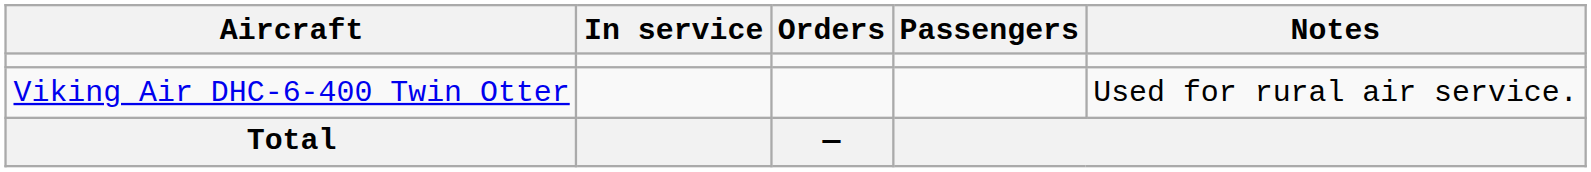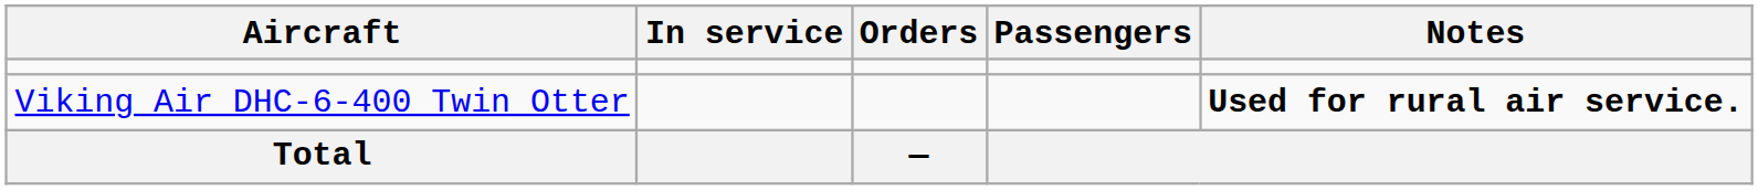 <table class="wikitable" style="margin:1em auto; border-collapse:collapse;text-align:center;">
 <tr>
 <th>Aircraft</th>
 <th>In service</th>
 <th>Orders</th>
 <th>Passengers</th>
 <th>Notes</th>
 </tr>
 <tr>
 <td></td>
 <td></td>
 <td></td>
 <td></td>
 <td></td>
 </tr>
 <tr>
 <td><a href='#'>Viking Air DHC-6-400 Twin Otter</a></td>
 <td></td>
 <td></td>
 <td></td>
-<td>Used for rural air service.</td>
+<td><strong>Used for rural air service.</strong></td>
 </tr>
 <tr>
 <th>Total</th>
 <th></th>
 <th>—</th>
 <th colspan="2"></th>
 </tr>
 </table>
